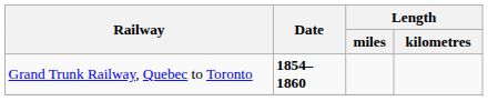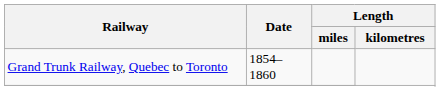 <table class="wikitable" style="font-size: 90%;">
 <tr>
 <th rowspan=2 style="width:256px">Railway</th>
 <th rowspan=2 style="width:64px">Date</th>
 <th colspan=2 style="width:128px">Length</th>
 </tr>
 <tr>
 <th>miles</th>
 <th>kilometres</th>
 </tr>
 <tr>
 <td><a href='#'>Grand Trunk Railway</a>, <a href='#'>Quebec</a> to <a href='#'>Toronto</a></td>
-<td><strong>1854–1860</strong></td>
+<td>1854–1860</td>
 <td></td>
 </tr>
 <tr>
 </tr>
 </table>
